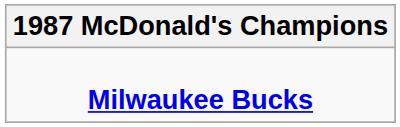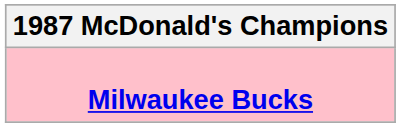 <table class=wikitable style="text-align:center; margin:auto">
 <tr>
 <th>1987 McDonald's Champions</th>
 </tr>
 <tr>
-<td><br><strong><a href='#'>Milwaukee Bucks</a></strong></td>
+<td style="background: pink;"><br><strong><a href='#'>Milwaukee Bucks</a></strong></td>
 </tr>
 </table>
